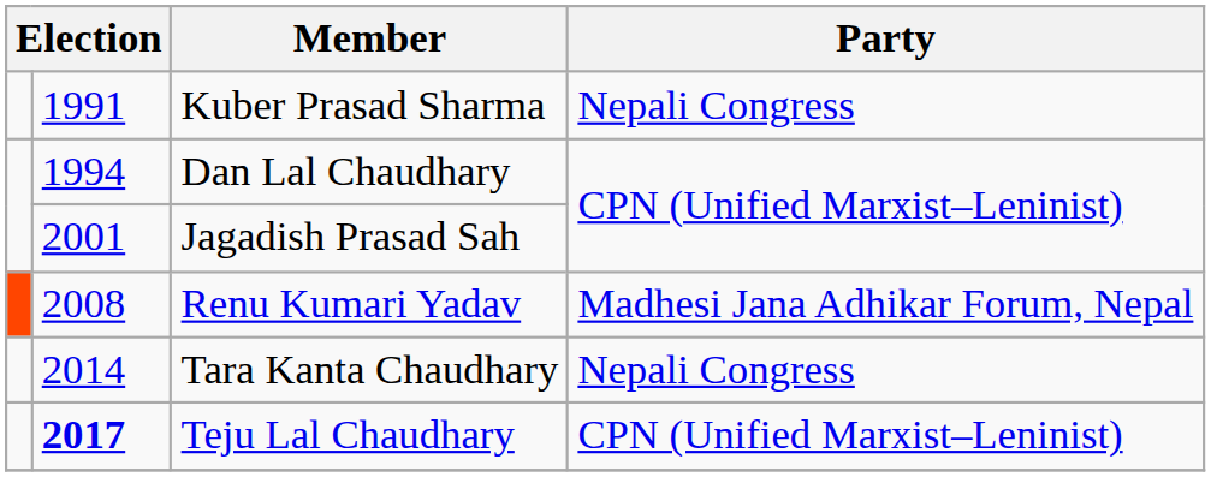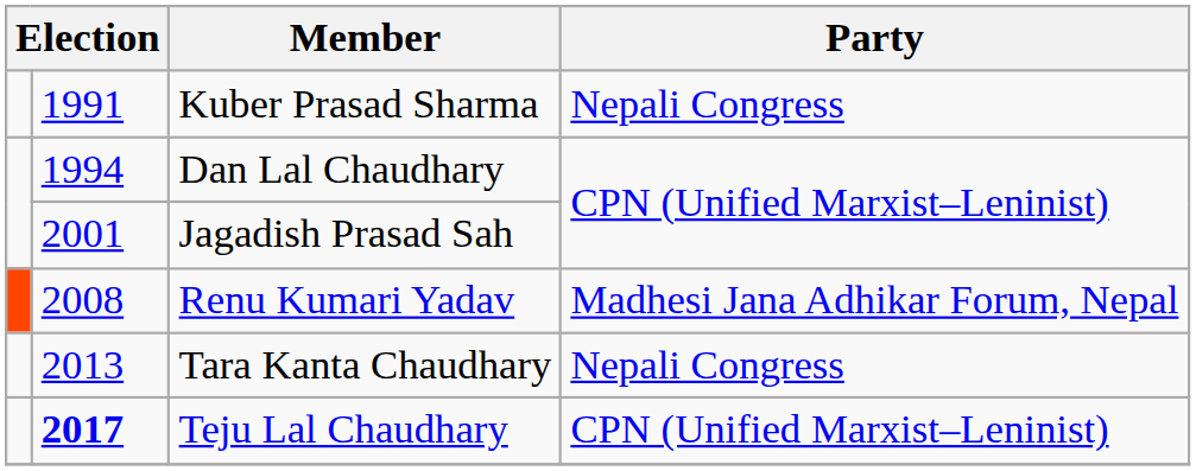 <table class="wikitable">
 <tr>
 <th colspan="2">Election</th>
 <th>Member</th>
 <th>Party</th>
 </tr>
 <tr>
 <td style="background-color:"></td>
 <td><a href='#'>1991</a></td>
 <td>Kuber Prasad Sharma</td>
 <td><a href='#'>Nepali Congress</a></td>
 </tr>
 <tr>
 <td rowspan="2" style="background-color:"></td>
 <td><a href='#'>1994</a></td>
 <td>Dan Lal Chaudhary</td>
 <td rowspan="2"><a href='#'>CPN (Unified Marxist–Leninist)</a></td>
 </tr>
 <tr>
 <td><a href='#'>2001</a></td>
 <td>Jagadish Prasad Sah</td>
 </tr>
 <tr>
 <td style="background-color:orangered"></td>
 <td><a href='#'>2008</a></td>
 <td><a href='#'>Renu Kumari Yadav</a></td>
 <td><a href='#'>Madhesi Jana Adhikar Forum, Nepal</a></td>
 </tr>
 <tr>
 <td style="background-color:"></td>
-<td><a href='#'>2014</a></td>
+<td><a href='#'>2013</a></td>
 <td>Tara Kanta Chaudhary</td>
 <td><a href='#'>Nepali Congress</a></td>
 </tr>
 <tr>
 <td style="background-color:"></td>
 <td><strong><a href='#'>2017</a></strong></td>
 <td><a href='#'>Teju Lal Chaudhary</a></td>
 <td><a href='#'>CPN (Unified Marxist–Leninist)</a></td>
 </tr>
 <tr>
 </tr>
 </table>
